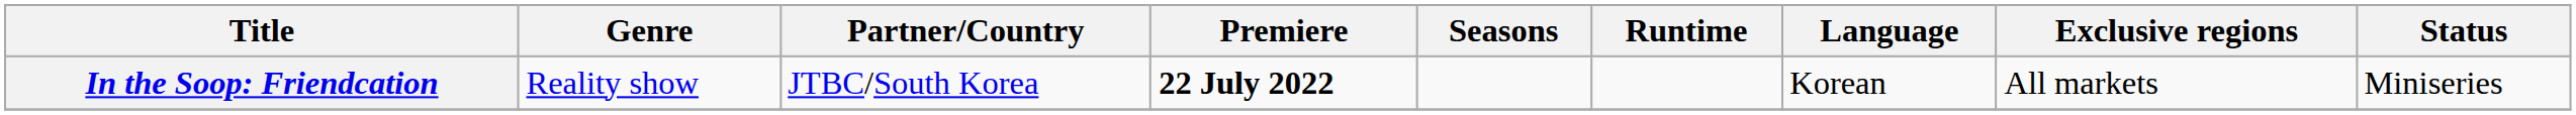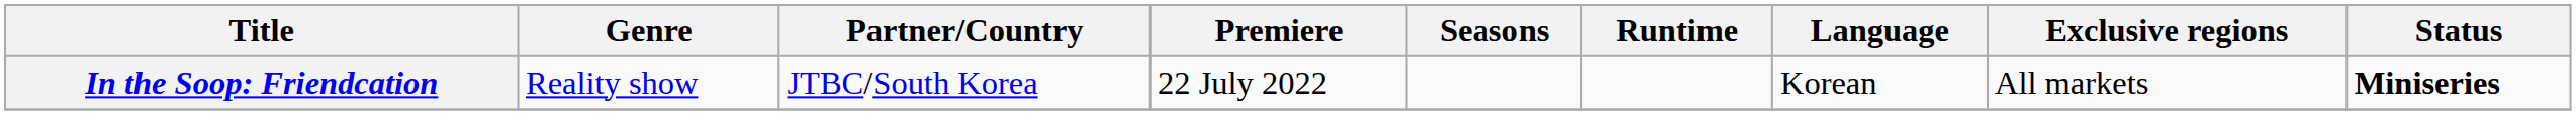 <table class="wikitable plainrowheaders sortable" style="width:99%;">
 <tr>
 <th>Title</th>
 <th>Genre</th>
 <th>Partner/Country</th>
 <th>Premiere</th>
 <th>Seasons</th>
 <th>Runtime</th>
 <th>Language</th>
 <th>Exclusive regions</th>
 <th>Status</th>
 </tr>
 <tr>
 <th scope="row"><em><a href='#'>In the Soop: Friendcation</a></em></th>
 <td><a href='#'>Reality show</a></td>
 <td><a href='#'>JTBC</a>/<a href='#'>South Korea</a></td>
-<td><strong>22 July 2022</strong></td>
+<td>22 July 2022</td>
 <td></td>
 <td></td>
 <td>Korean</td>
 <td>All markets</td>
-<td>Miniseries</td>
+<td><strong>Miniseries</strong></td>
 </tr>
 <tr>
 </tr>
 </table>
